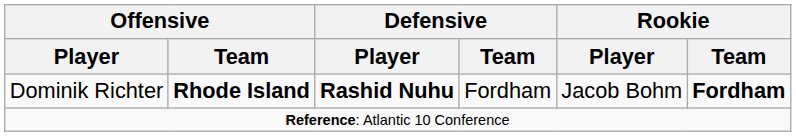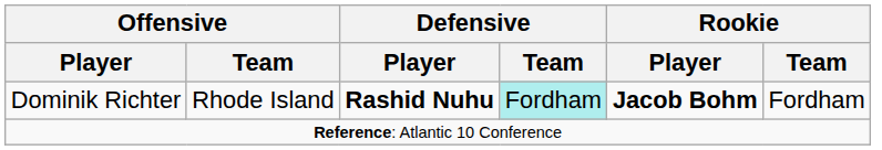 <table class="wikitable">
 <tr>
 <th colspan="2">Offensive</th>
 <th colspan="2">Defensive</th>
 <th colspan="2">Rookie</th>
 </tr>
 <tr>
 <th>Player</th>
 <th>Team</th>
 <th>Player</th>
 <th>Team</th>
 <th>Player</th>
 <th>Team</th>
 </tr>
 <tr>
 <td>Dominik Richter</td>
-<td><strong>Rhode Island</strong></td>
+<td>Rhode Island</td>
 <td><strong>Rashid Nuhu</strong></td>
+<td style="background: paleturquoise;">Fordham</td>
+<td><strong>Jacob Bohm</strong></td>
 <td>Fordham</td>
-<td>Jacob Bohm</td>
-<td><strong>Fordham</strong></td>
 </tr>
 <tr>
 <td colspan="12"  style="font-size:8pt; text-align:center;"><strong>Reference</strong>: Atlantic 10 Conference</td>
 </tr>
 </table>
